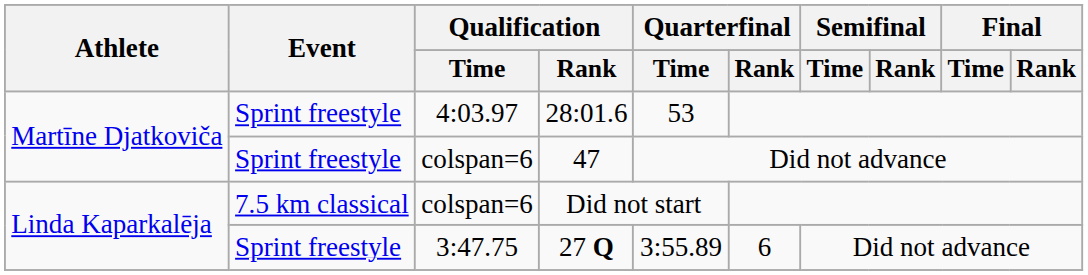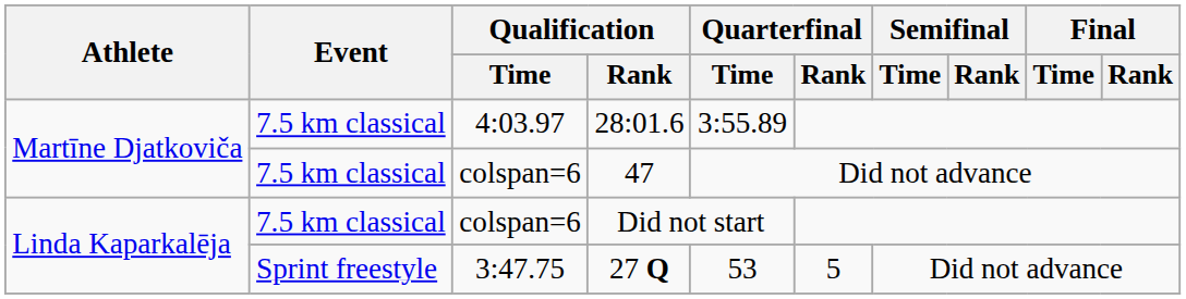 <table class="wikitable" style="font-size:90%">
 <tr>
 <th rowspan="2">Athlete</th>
 <th rowspan="2">Event</th>
 <th colspan="2">Qualification</th>
 <th colspan="2">Quarterfinal</th>
 <th colspan="2">Semifinal</th>
 <th colspan="2">Final</th>
 </tr>
 <tr style="font-size:95%">
 <th>Time</th>
 <th>Rank</th>
 <th>Time</th>
 <th>Rank</th>
 <th>Time</th>
 <th>Rank</th>
 <th>Time</th>
 <th>Rank</th>
 </tr>
 <tr align=center>
 <td align=left rowspan=2><a href='#'>Martīne Djatkoviča</a></td>
-<td align=left><a href='#'>Sprint freestyle</a></td>
+<td align=left><a href='#'>7.5 km classical</a></td>
 <td>4:03.97</td>
 <td>28:01.6</td>
-<td>53</td>
+<td>3:55.89</td>
 </tr>
 <tr align=center>
-<td align=left><a href='#'>Sprint freestyle</a></td>
+<td align=left><a href='#'>7.5 km classical</a></td>
 <td>colspan=6</td>
 <td>47</td>
 <td colspan=6>Did not advance</td>
 </tr>
 <tr align=center>
 <td align=left rowspan=2><a href='#'>Linda Kaparkalēja</a></td>
 <td align=left><a href='#'>7.5 km classical</a></td>
 <td>colspan=6</td>
 <td colspan=2>Did not start</td>
 </tr>
 <tr align=center>
 <td align=left><a href='#'>Sprint freestyle</a></td>
 <td>3:47.75</td>
 <td>27 <strong>Q</strong></td>
-<td>3:55.89</td>
-<td>6</td>
+<td>53</td>
+<td>5</td>
 <td colspan=4>Did not advance</td>
 </tr>
 </table>
